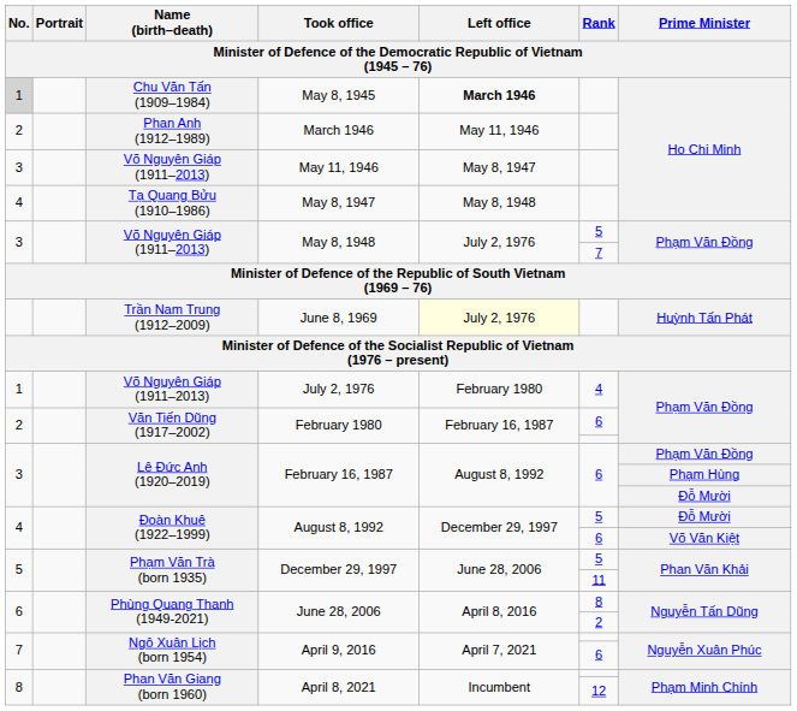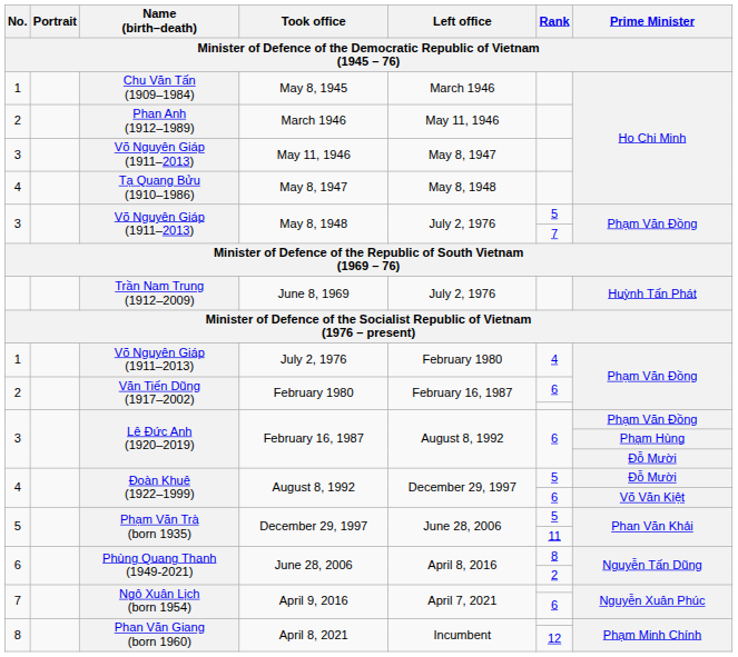 <table class="wikitable" width=75%>
 <tr>
 <th scope="col" style="width:1em;">No.<br></th>
 <th scope="col" style="width:1em;">Portrait</th>
 <th scope="col" style="width:13em;">Name<br>(birth–death)</th>
 <th scope="col" style="width:12em;">Took office</th>
 <th scope="col" style="width:12em;">Left office</th>
 <th scope="col" style="width:1em;"><a href='#'>Rank</a><br></th>
 <th scope="col" style="width:13em;"><a href='#'>Prime Minister</a></th>
 </tr>
 <tr>
 <th colspan="7">Minister of Defence of the Democratic Republic of Vietnam<br>(1945 – 76)</th>
 </tr>
 <tr>
-<td align="center" style="background: lightgrey;">1</td>
+<td align="center">1</td>
 <td align="center"></td>
 <th scope="row" style="font-weight:normal;" align="center"><a href='#'>Chu Văn Tấn</a><br>(1909–1984)</th>
 <td align="center">May 8, 1945</td>
-<td align="center"><strong>March 1946</strong></td>
+<td align="center">March 1946</td>
 <td align="center"></td>
 <th rowspan="5" align="center" scope="row" style="font-weight:normal;"><a href='#'>Ho Chi Minh</a></th>
 </tr>
 <tr>
 <td align="center">2</td>
 <td align="center"></td>
 <th scope="row" style="font-weight:normal;" align="center"><a href='#'>Phan Anh</a><br>(1912–1989)</th>
 <td align="center">March 1946</td>
 <td align="center">May 11, 1946</td>
 <td align="center"></td>
 </tr>
 <tr>
 <td align="center">3</td>
 <td align="center"></td>
 <th scope="row" style="font-weight:normal;" align="center"><a href='#'>Võ Nguyên Giáp</a><br>(1911–<a href='#'>2013</a>)</th>
 <td align="center">May 11, 1946</td>
 <td align="center">May 8, 1947</td>
 <td align="center"></td>
 </tr>
 <tr>
 <td align="center">4</td>
 <td align="center"></td>
 <th scope="row" style="font-weight:normal;" align="center"><a href='#'>Tạ Quang Bửu</a><br>(1910–1986)</th>
 <td align="center">May 8, 1947</td>
 <td align="center">May 8, 1948</td>
 <td align="center"></td>
 </tr>
 <tr>
 <td rowspan="3" align="center">3</td>
 <td rowspan="3" align="center"></td>
 <th rowspan="3" scope="row" style="font-weight:normal;" align="center"><a href='#'>Võ Nguyên Giáp</a><br>(1911–<a href='#'>2013</a>)</th>
 <td rowspan="3" align="center">May 8, 1948</td>
 <td rowspan="3" align="center">July 2, 1976</td>
 <td rowspan="2" align="center"><a href='#'>5</a></td>
 </tr>
 <tr>
 <th rowspan="2" align="center" scope="row" style="font-weight:normal;"><a href='#'>Phạm Văn Đồng</a></th>
 </tr>
 <tr>
 <td align="center"><a href='#'>7</a></td>
 </tr>
 <tr>
 <th colspan="7">Minister of Defence of the Republic of South Vietnam<br>(1969 – 76)</th>
 </tr>
 <tr>
 <td align="center"></td>
 <td align="center"></td>
 <th scope="row" style="font-weight:normal;" align="center"><a href='#'>Trần Nam Trung</a><br>(1912–2009)</th>
 <td align="center">June 8, 1969</td>
-<td align="center" style="background: lightyellow;">July 2, 1976</td>
+<td align="center">July 2, 1976</td>
 <td align="center"></td>
 <th align="center" scope="row" style="font-weight:normal;"><a href='#'>Huỳnh Tấn Phát</a></th>
 </tr>
 <tr>
 <th colspan="7">Minister of Defence of the Socialist Republic of Vietnam<br>(1976 – present)</th>
 </tr>
 <tr>
 <td align="center">1</td>
 <td align="center"></td>
 <th scope="row" style="font-weight:normal;" align="center"><a href='#'>Võ Nguyên Giáp</a><br>(1911–2013)</th>
 <td align="center">July 2, 1976</td>
 <td align="center">February 1980</td>
 <td align="center"><a href='#'>4</a></td>
 <th rowspan="3" align="center" scope="row" style="font-weight:normal;"><a href='#'>Phạm Văn Đồng</a></th>
 </tr>
 <tr>
 <td align="center" rowspan="2">2</td>
 <td rowspan="2" align="center"></td>
 <th rowspan="2" scope="row" style="font-weight:normal;" align="center"><a href='#'>Văn Tiến Dũng</a><br>(1917–2002)</th>
 <td rowspan="2" align="center">February 1980</td>
 <td rowspan="2" align="center">February 16, 1987</td>
 <td align="center"><a href='#'>6</a></td>
 </tr>
 <tr>
 <td align="center"></td>
 </tr>
 <tr>
 <td align="center" rowspan="3">3</td>
 <td rowspan="3" align="center"></td>
 <th rowspan="3" scope="row" style="font-weight:normal;" align="center"><a href='#'>Lê Đức Anh</a><br>(1920–2019)</th>
 <td rowspan="3" align="center">February 16, 1987</td>
 <td rowspan="3" align="center">August 8, 1992</td>
 <td align="center" rowspan="3"><a href='#'>6</a></td>
 <th align="center" scope="row" style="font-weight:normal;"><a href='#'>Phạm Văn Đồng</a></th>
 </tr>
 <tr>
 <th align="center" scope="row" style="font-weight:normal;"><a href='#'>Phạm Hùng</a></th>
 </tr>
 <tr>
 <th align="center" scope="row" style="font-weight:normal;"><a href='#'>Đỗ Mười</a></th>
 </tr>
 <tr>
 <td align="center" rowspan="3">4</td>
 <td rowspan="3" align="center"></td>
 <th rowspan="3" scope="row" style="font-weight:normal;" align="center"><a href='#'>Đoàn Khuê</a><br>(1922–1999)</th>
 <td rowspan="3" align="center">August 8, 1992</td>
 <td rowspan="3" align="center">December 29, 1997</td>
 <td align="center" rowspan="2"><a href='#'>5</a></td>
 <th align="center" scope="row" style="font-weight:normal;"><a href='#'>Đỗ Mười</a></th>
 </tr>
 <tr>
 <th rowspan="2" align="center" scope="row" style="font-weight:normal;"><a href='#'>Võ Văn Kiệt</a></th>
 </tr>
 <tr>
 <td align="center"><a href='#'>6</a></td>
 </tr>
 <tr>
 <td align="center" rowspan="2">5</td>
 <td rowspan="2" align="center"></td>
 <th rowspan="2" scope="row" style="font-weight:normal;" align="center"><a href='#'>Phạm Văn Trà</a><br>(born 1935)</th>
 <td rowspan="2" align="center">December 29, 1997</td>
 <td rowspan="2" align="center">June 28, 2006</td>
 <td align="center"><a href='#'>5</a></td>
 <th rowspan="2" align="center" scope="row" style="font-weight:normal;"><a href='#'>Phan Văn Khải</a></th>
 </tr>
 <tr>
 <td align="center"><a href='#'>11</a></td>
 </tr>
 <tr>
 <td rowspan="2" align="center">6</td>
 <td rowspan="2" align="center"></td>
 <th rowspan="2" scope="row" style="font-weight:normal;" align="center"><a href='#'>Phùng Quang Thanh</a><br>(1949-2021)</th>
 <td rowspan="2" align="center">June 28, 2006</td>
 <td rowspan="2" align="center">April 8, 2016</td>
 <td align="center"><a href='#'>8</a></td>
 <th rowspan="2" align="center" scope="row" style="font-weight:normal;"><a href='#'>Nguyễn Tấn Dũng</a></th>
 </tr>
 <tr>
 <td align="center"><a href='#'>2</a></td>
 </tr>
 <tr>
 <td rowspan="2" align="center">7</td>
 <td rowspan="2" align="center"></td>
 <th rowspan="2" scope="row" style="font-weight:normal;" align="center"><a href='#'>Ngô Xuân Lịch</a><br>(born 1954)</th>
 <td rowspan="2" align="center">April 9, 2016</td>
 <td rowspan="2" align="center">April 7, 2021</td>
 <td align="center"></td>
 <th rowspan="2" align="center" scope="row" style="font-weight:normal;"><a href='#'>Nguyễn Xuân Phúc</a></th>
 </tr>
 <tr>
 <td align="center"><a href='#'>6</a></td>
 </tr>
 <tr>
 <td rowspan="2" align="center">8</td>
 <td rowspan="2" align="center"></td>
 <th rowspan="2" scope="row" style="font-weight:normal;" align="center"><a href='#'>Phan Văn Giang</a><br>(born 1960)</th>
 <td rowspan="2" align="center">April 8, 2021</td>
 <td rowspan="2" align="center">Incumbent</td>
 <td align="center"></td>
 <th rowspan="2" align="center" scope="row" style="font-weight:normal;"><a href='#'>Phạm Minh Chính</a></th>
 </tr>
 <tr>
 <td align="center"><a href='#'>12</a></td>
 </tr>
 </table>
